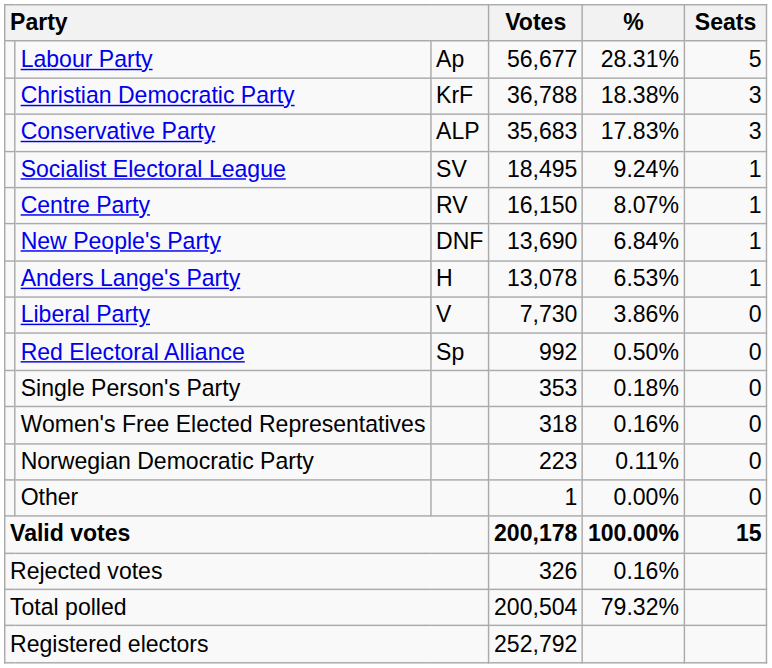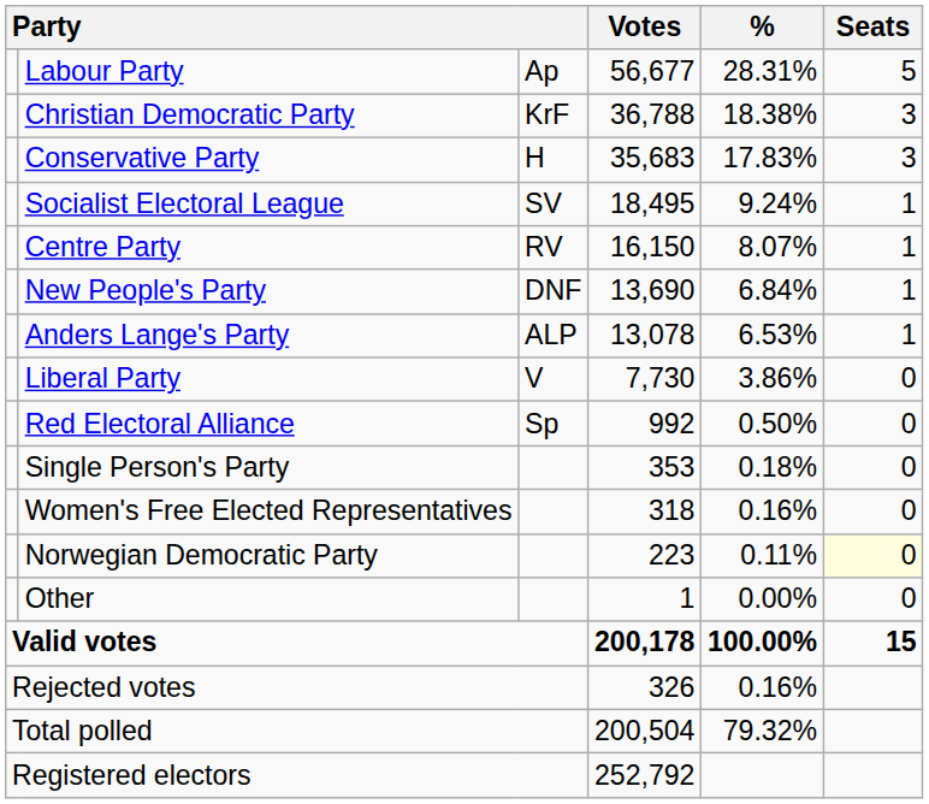 <table class="wikitable" border="1" style="text-align:right;">
 <tr>
 <th style="text-align:left;" colspan=3>Party</th>
 <th align=center width="50">Votes</th>
 <th align=center width="50">%</th>
 <th align=center width="50">Seats</th>
 </tr>
 <tr>
 <td style="color:inherit;background:"></td>
 <td align=left><a href='#'>Labour Party</a></td>
 <td align=left>Ap</td>
 <td>56,677</td>
 <td>28.31%</td>
 <td>5</td>
 </tr>
 <tr>
 <td style="color:inherit;background:"></td>
 <td align=left><a href='#'>Christian Democratic Party</a></td>
 <td align=left>KrF</td>
 <td>36,788</td>
 <td>18.38%</td>
 <td>3</td>
 </tr>
 <tr>
 <td style="color:inherit;background:"></td>
 <td align=left><a href='#'>Conservative Party</a></td>
-<td align=left>ALP</td>
+<td align=left>H</td>
 <td>35,683</td>
 <td>17.83%</td>
 <td>3</td>
 </tr>
 <tr>
 <td style="color:inherit;background:"></td>
 <td align=left><a href='#'>Socialist Electoral League</a></td>
 <td align=left>SV</td>
 <td>18,495</td>
 <td>9.24%</td>
 <td>1</td>
 </tr>
 <tr>
 <td style="color:inherit;background:"></td>
 <td align=left><a href='#'>Centre Party</a></td>
 <td align=left>RV</td>
 <td>16,150</td>
 <td>8.07%</td>
 <td>1</td>
 </tr>
 <tr>
 <td style="color:inherit;background:"></td>
 <td align=left><a href='#'>New People's Party</a></td>
 <td align=left>DNF</td>
 <td>13,690</td>
 <td>6.84%</td>
 <td>1</td>
 </tr>
 <tr>
 <td style="color:inherit;background:"></td>
 <td align=left><a href='#'>Anders Lange's Party</a></td>
-<td align=left>H</td>
+<td align=left>ALP</td>
 <td>13,078</td>
 <td>6.53%</td>
 <td>1</td>
 </tr>
 <tr>
 <td style="color:inherit;background:"></td>
 <td align=left><a href='#'>Liberal Party</a></td>
 <td align=left>V</td>
 <td>7,730</td>
 <td>3.86%</td>
 <td>0</td>
 </tr>
 <tr>
 <td style="color:inherit;background:"></td>
 <td align=left><a href='#'>Red Electoral Alliance</a></td>
 <td align=left>Sp</td>
 <td>992</td>
 <td>0.50%</td>
 <td>0</td>
 </tr>
 <tr>
 <td></td>
 <td align=left>Single Person's Party</td>
 <td align=left></td>
 <td>353</td>
 <td>0.18%</td>
 <td>0</td>
 </tr>
 <tr>
 <td></td>
 <td align=left>Women's Free Elected Representatives</td>
 <td align=left></td>
 <td>318</td>
 <td>0.16%</td>
 <td>0</td>
 </tr>
 <tr>
 <td></td>
 <td align=left>Norwegian Democratic Party</td>
 <td align=left></td>
 <td>223</td>
 <td>0.11%</td>
-<td>0</td>
+<td style="background: lightyellow;">0</td>
 </tr>
 <tr>
 <td></td>
 <td align=left>Other</td>
 <td align=left></td>
 <td>1</td>
 <td>0.00%</td>
 <td>0</td>
 </tr>
 <tr style="font-weight:bold">
 <td align=left colspan=3>Valid votes</td>
 <td>200,178</td>
 <td>100.00%</td>
 <td>15</td>
 </tr>
 <tr>
 <td align=left colspan=3>Rejected votes</td>
 <td>326</td>
 <td>0.16%</td>
 <td></td>
 </tr>
 <tr>
 <td align=left colspan=3>Total polled</td>
 <td>200,504</td>
 <td>79.32%</td>
 <td></td>
 </tr>
 <tr>
 <td align=left colspan=3>Registered electors</td>
 <td>252,792</td>
 <td></td>
 <td></td>
 </tr>
 </table>
